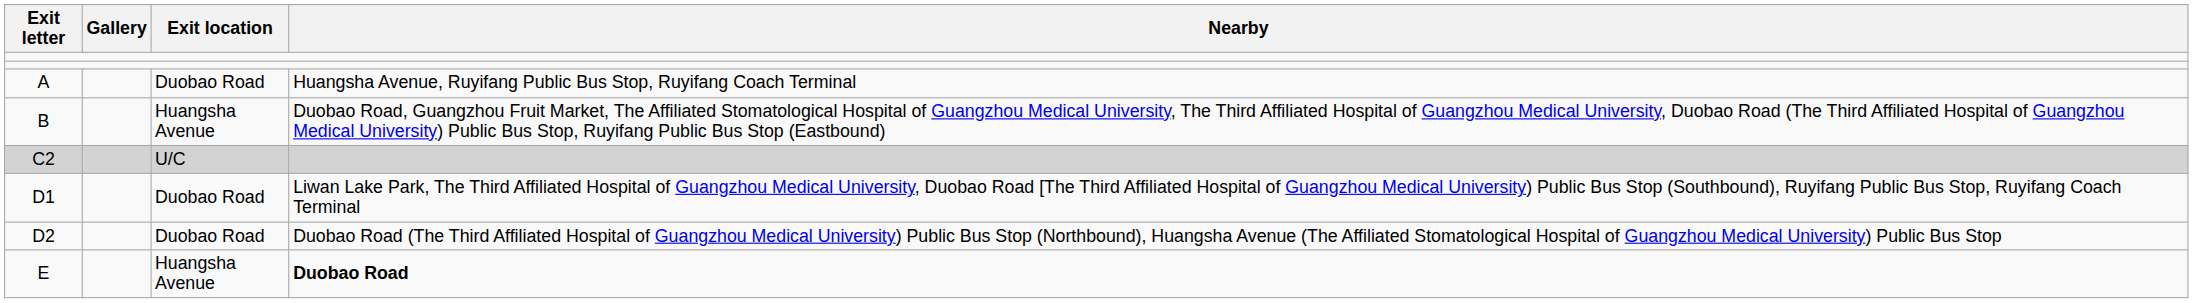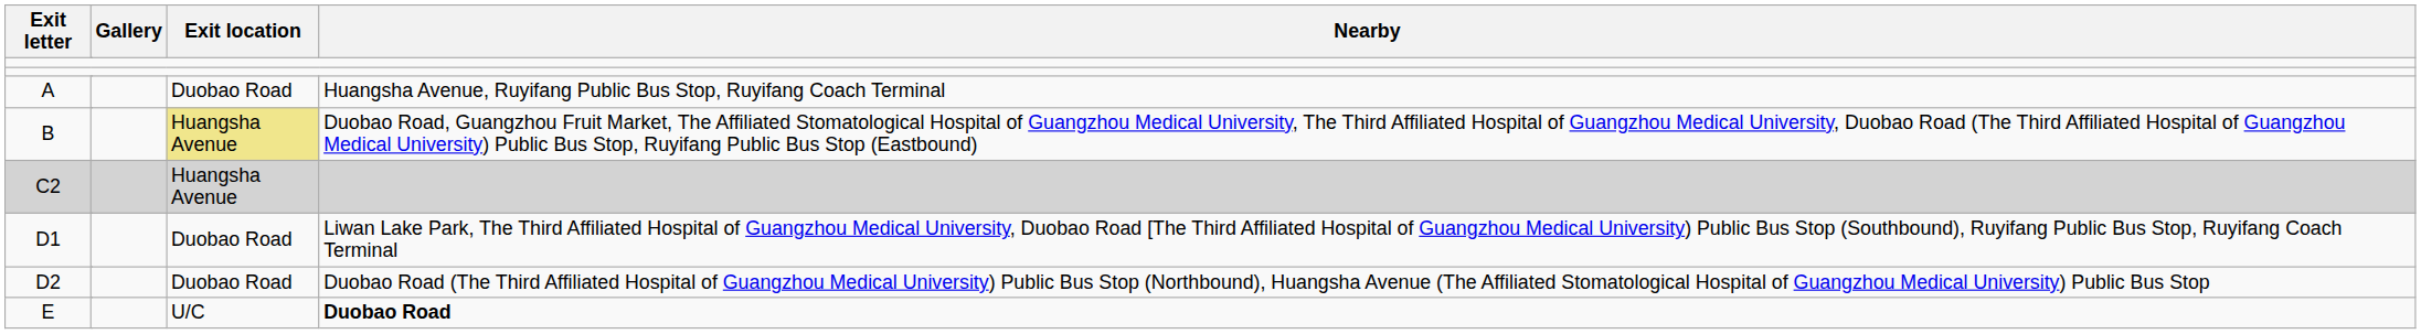 <table class="wikitable">
 <tr>
 <th style="width:70px" colspan="3">Exit letter</th>
 <th>Gallery</th>
 <th>Exit location</th>
 <th>Nearby</th>
 </tr>
 <tr style="background:#">
 <td colspan = "6"></td>
 </tr>
 <tr style="background:#">
 <td colspan = "6"></td>
 </tr>
 <tr>
 <td align="center" colspan="3">A</td>
 <td><br></td>
 <td>Duobao Road</td>
 <td>Huangsha Avenue, Ruyifang Public Bus Stop, Ruyifang Coach Terminal</td>
 </tr>
 <tr>
 <td align="center" colspan="3">B</td>
 <td></td>
-<td>Huangsha Avenue</td>
+<td style="background: khaki;">Huangsha Avenue</td>
 <td>Duobao Road, Guangzhou Fruit Market, The Affiliated Stomatological Hospital of <a href='#'>Guangzhou Medical University</a>, The Third Affiliated Hospital of <a href='#'>Guangzhou Medical University</a>, Duobao Road (The Third Affiliated Hospital of <a href='#'>Guangzhou Medical University</a>) Public Bus Stop, Ruyifang Public Bus Stop (Eastbound)</td>
 </tr>
 <tr bgcolor=lightgrey>
 <td align="center" colspan="3">C2</td>
 <td></td>
-<td>U/C</td>
+<td>Huangsha Avenue</td>
 <td></td>
 </tr>
 <tr>
 <td align="center" colspan="3">D1</td>
 <td></td>
 <td>Duobao Road</td>
 <td>Liwan Lake Park, The Third Affiliated Hospital of <a href='#'>Guangzhou Medical University</a>, Duobao Road [The Third Affiliated Hospital of <a href='#'>Guangzhou Medical University</a>) Public Bus Stop (Southbound), Ruyifang Public Bus Stop, Ruyifang Coach Terminal</td>
 </tr>
 <tr>
 <td align="center" colspan="3">D2</td>
 <td></td>
 <td>Duobao Road</td>
 <td>Duobao Road (The Third Affiliated Hospital of <a href='#'>Guangzhou Medical University</a>) Public Bus Stop (Northbound), Huangsha Avenue (The Affiliated Stomatological Hospital of <a href='#'>Guangzhou Medical University</a>) Public Bus Stop</td>
 </tr>
 <tr>
 <td align="center" colspan="3">E</td>
 <td></td>
-<td>Huangsha Avenue</td>
+<td>U/C</td>
 <td><strong>Duobao Road</strong></td>
 </tr>
 </table>
